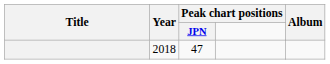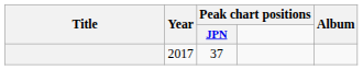 <table class="wikitable plainrowheaders" style="text-align:center;">
 <tr>
 <th scope="col" rowspan="2" style="width:12em;">Title</th>
 <th scope="col" rowspan="2">Year</th>
 <th scope="col" colspan="3">Peak chart positions</th>
 <th scope="col" rowspan="2">Album</th>
 </tr>
 <tr>
 <th scope="col" style="width:3em;font-size:90%;"><a href='#'>JPN</a></th>
 </tr>
 <tr>
 <th scope="row"></th>
-<td>2018</td>
-<td>47</td>
+<td>2017</td>
+<td>37</td>
 <td></td>
 </tr>
 </table>
